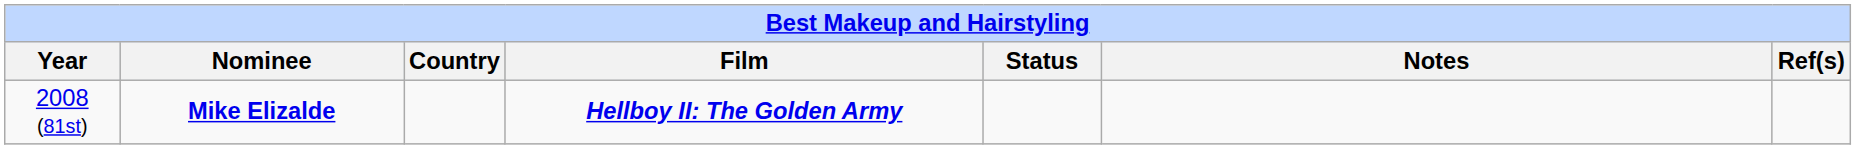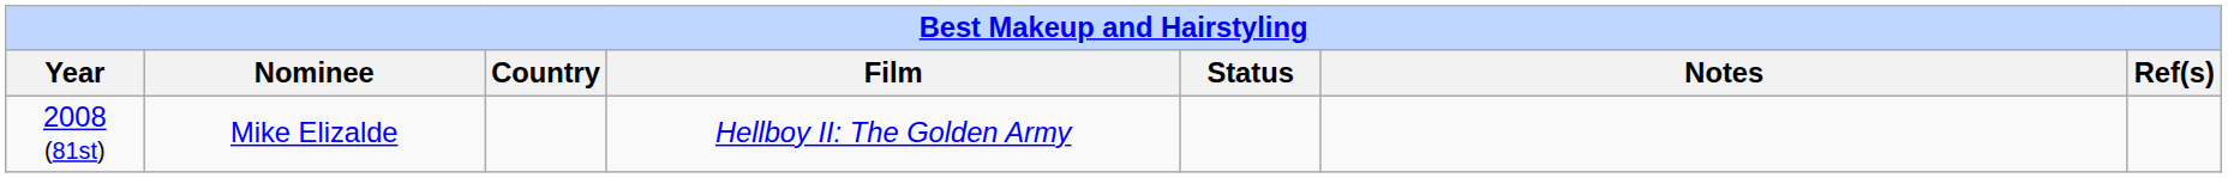 <table class="wikitable" style="text-align: center">
 <tr style="background:#bfd7ff;">
 <td colspan="7" style="text-align:center;"><strong><a href='#'>Best Makeup and Hairstyling</a></strong></td>
 </tr>
 <tr style="background:#ebf5ff;">
 <th style="width:75px;">Year</th>
 <th style="width:200px;">Nominee</th>
 <th style="width:50px;">Country</th>
 <th style="width:350px;">Film</th>
 <th style="width:75px;">Status</th>
 <th style="width:500px;">Notes</th>
 <th width="3">Ref(s)</th>
 </tr>
 <tr>
 <td style="text-align: center"><a href='#'>2008</a><br><small>(<a href='#'>81st</a>)</small></td>
-<td><strong><a href='#'>Mike Elizalde</a></strong></td>
+<td><a href='#'>Mike Elizalde</a></td>
 <td></td>
-<td><strong><em><a href='#'>Hellboy II: The Golden Army</a></em></strong></td>
+<td><em><a href='#'>Hellboy II: The Golden Army</a></em></td>
 <td></td>
 <td></td>
 <td style="text-align: center"></td>
 </tr>
 </table>
